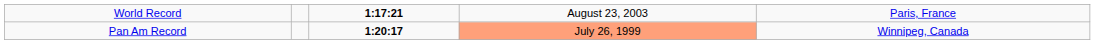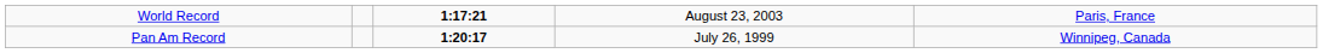 <table class="wikitable" style=" text-align:center; font-size:95%;" width="75%">
 <tr>
 <td><a href='#'>World Record</a></td>
 <td></td>
 <td><strong>1:17:21</strong></td>
 <td>August 23, 2003</td>
 <td> <a href='#'>Paris, France</a></td>
 </tr>
 <tr>
 <td><a href='#'>Pan Am Record</a></td>
 <td></td>
 <td><strong>1:20:17</strong></td>
-<td style="background: lightsalmon;">July 26, 1999</td>
+<td>July 26, 1999</td>
 <td> <a href='#'>Winnipeg, Canada</a></td>
 </tr>
 </table>
